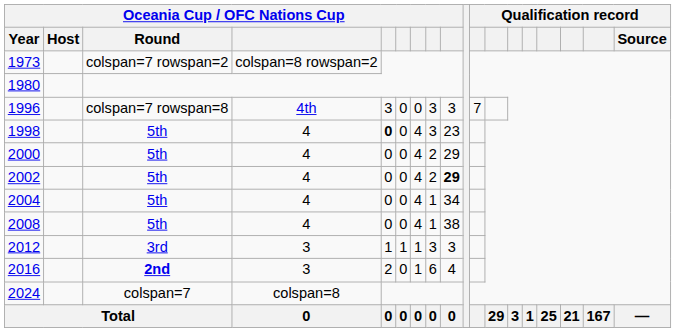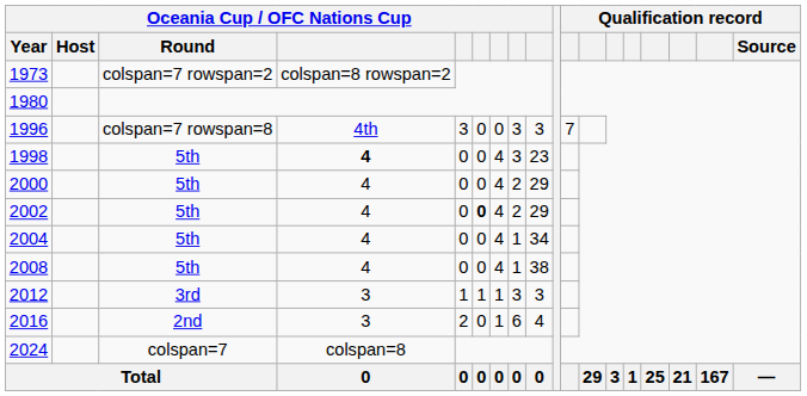 <table class="wikitable" style="text-align: center;font-size:100%;">
 <tr>
 <th colspan="9"><a href='#'>Oceania Cup / OFC Nations Cup</a></th>
 <th rowspan="20"></th>
 <th colspan="8">Qualification record</th>
 </tr>
 <tr>
 <th>Year</th>
 <th>Host</th>
 <th>Round</th>
 <th></th>
 <th></th>
 <th></th>
 <th></th>
 <th></th>
 <th></th>
 <th></th>
 <th></th>
 <th></th>
 <th></th>
 <th></th>
 <th></th>
 <th></th>
 <th>Source</th>
 </tr>
 <tr>
 <td><a href='#'>1973</a></td>
 <td align=left></td>
 <td>colspan=7 rowspan=2</td>
 <td>colspan=8 rowspan=2</td>
 </tr>
 <tr>
 <td><a href='#'>1980</a></td>
 <td align=left></td>
 </tr>
 <tr>
 <td><a href='#'>1996</a></td>
 <td></td>
 <td>colspan=7 rowspan=8</td>
 <td><a href='#'>4th</a></td>
 <td>3</td>
 <td>0</td>
 <td>0</td>
 <td>3</td>
 <td>3</td>
 <td>7</td>
 <td></td>
 </tr>
 <tr>
 <td><a href='#'>1998</a></td>
 <td align=left></td>
 <td><a href='#'>5th</a></td>
-<td>4</td>
-<td><strong>0</strong></td>
+<td><strong>4</strong></td>
+<td>0</td>
 <td>0</td>
 <td>4</td>
 <td>3</td>
 <td>23</td>
 <td></td>
 </tr>
 <tr>
 <td><a href='#'>2000</a></td>
 <td align=left></td>
 <td><a href='#'>5th</a></td>
 <td>4</td>
 <td>0</td>
 <td>0</td>
 <td>4</td>
 <td>2</td>
 <td>29</td>
 <td></td>
 </tr>
 <tr>
 <td><a href='#'>2002</a></td>
 <td align=left></td>
 <td><a href='#'>5th</a></td>
 <td>4</td>
 <td>0</td>
-<td>0</td>
+<td><strong>0</strong></td>
 <td>4</td>
 <td>2</td>
-<td><strong>29</strong></td>
+<td>29</td>
 <td></td>
 </tr>
 <tr>
 <td><a href='#'>2004</a></td>
 <td align=left></td>
 <td><a href='#'>5th</a></td>
 <td>4</td>
 <td>0</td>
 <td>0</td>
 <td>4</td>
 <td>1</td>
 <td>34</td>
 <td></td>
 </tr>
 <tr>
 <td><a href='#'>2008</a></td>
 <td></td>
 <td><a href='#'>5th</a></td>
 <td>4</td>
 <td>0</td>
 <td>0</td>
 <td>4</td>
 <td>1</td>
 <td>38</td>
 <td></td>
 </tr>
 <tr>
 <td><a href='#'>2012</a></td>
 <td align=left></td>
 <td><a href='#'>3rd</a></td>
 <td>3</td>
 <td>1</td>
 <td>1</td>
 <td>1</td>
 <td>3</td>
 <td>3</td>
 <td></td>
 </tr>
 <tr>
 <td><a href='#'>2016</a></td>
 <td align=left></td>
-<td><strong><a href='#'>2nd</a></strong></td>
+<td><a href='#'>2nd</a></td>
 <td>3</td>
 <td>2</td>
 <td>0</td>
 <td>1</td>
 <td>6</td>
 <td>4</td>
 <td></td>
 </tr>
 <tr>
 <td><a href='#'>2024</a></td>
 <td align=left><br> </td>
 <td>colspan=7</td>
 <td>colspan=8</td>
 </tr>
 <tr>
 <th colspan=3>Total</th>
 <th>0</th>
 <th>0</th>
 <th>0</th>
 <th>0</th>
 <th>0</th>
 <th>0</th>
 <th></th>
 <th>29</th>
 <th>3</th>
 <th>1</th>
 <th>25</th>
 <th>21</th>
 <th>167</th>
 <th>—</th>
 </tr>
 </table>
